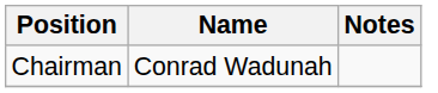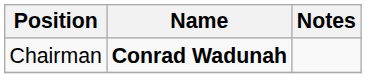 <table class="wikitable">
 <tr>
 <th>Position</th>
 <th>Name</th>
 <th>Notes</th>
 </tr>
 <tr>
 <td>Chairman</td>
-<td> Conrad Wadunah</td>
+<td><strong> Conrad Wadunah</strong></td>
 <td></td>
 </tr>
 <tr>
 </tr>
 </table>
